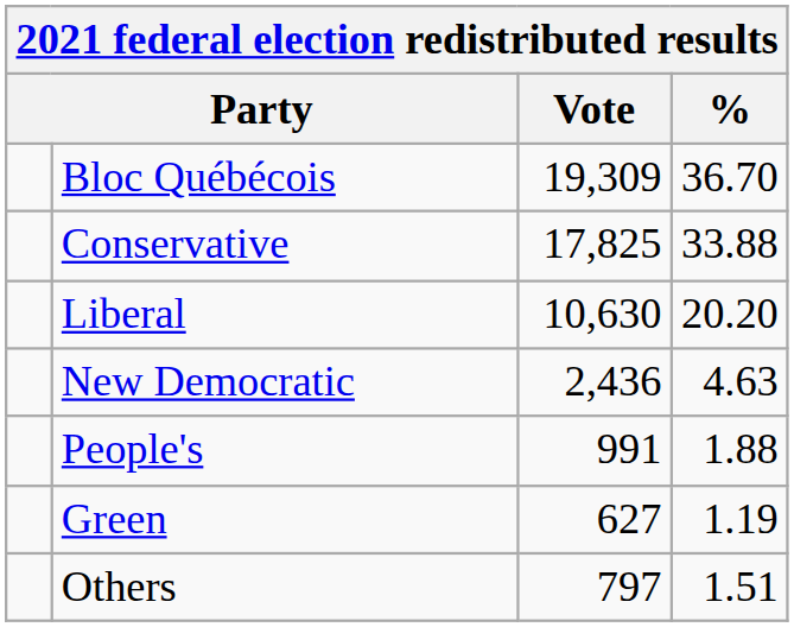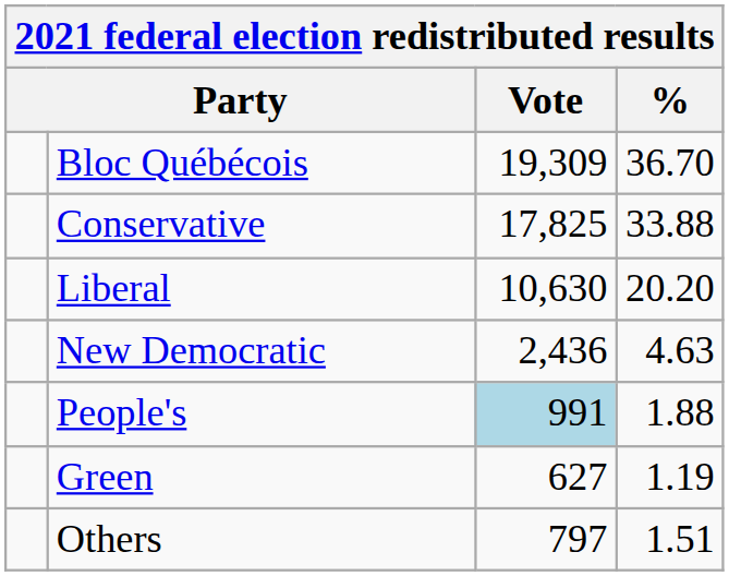 <table class="wikitable">
 <tr>
 <th colspan="4"><a href='#'>2021 federal election</a> redistributed results</th>
 </tr>
 <tr>
 <th bgcolor="#DDDDFF" width="130px" colspan="2">Party</th>
 <th bgcolor="#DDDDFF" width="50px">Vote</th>
 <th bgcolor="#DDDDFF" width="30px">%</th>
 </tr>
 <tr>
 <td> </td>
 <td><a href='#'>Bloc Québécois</a></td>
 <td align=right>19,309</td>
 <td align=right>36.70</td>
 </tr>
 <tr>
 <td> </td>
 <td><a href='#'>Conservative</a></td>
 <td align=right>17,825</td>
 <td align=right>33.88</td>
 </tr>
 <tr>
 <td> </td>
 <td><a href='#'>Liberal</a></td>
 <td align=right>10,630</td>
 <td align=right>20.20</td>
 </tr>
 <tr>
 <td> </td>
 <td><a href='#'>New Democratic</a></td>
 <td align=right>2,436</td>
 <td align=right>4.63</td>
 </tr>
 <tr>
 <td> </td>
 <td><a href='#'>People's</a></td>
-<td align=right>991</td>
+<td align=right style="background: lightblue;">991</td>
 <td align=right>1.88</td>
 </tr>
 <tr>
 <td> </td>
 <td><a href='#'>Green</a></td>
 <td align=right>627</td>
 <td align=right>1.19</td>
 </tr>
 <tr>
 <td> </td>
 <td>Others</td>
 <td align=right>797</td>
 <td align=right>1.51</td>
 </tr>
 </table>
